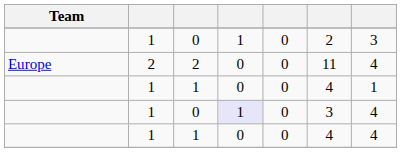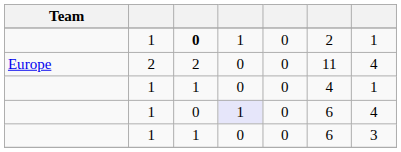 <table class="wikitable sortable" style="text-align:center;">
 <tr>
 <th width=125>Team</th>
 <th width=40></th>
 <th width=40></th>
 <th width=40></th>
 <th width=40></th>
 <th width=40></th>
 <th width=40></th>
 </tr>
 <tr>
 </tr>
 <tr>
 <td align=left></td>
 <td>1</td>
-<td>0</td>
+<td><strong>0</strong></td>
 <td>1</td>
 <td>0</td>
 <td>2</td>
-<td>3</td>
+<td>1</td>
 </tr>
 <tr>
 <td align=left><a href='#'>Europe</a></td>
 <td>2</td>
 <td>2</td>
 <td>0</td>
 <td>0</td>
 <td>11</td>
 <td>4</td>
 </tr>
 <tr>
 <td align=left></td>
 <td>1</td>
 <td>1</td>
 <td>0</td>
 <td>0</td>
 <td>4</td>
 <td>1</td>
 </tr>
 <tr>
 <td align=left></td>
 <td>1</td>
 <td>0</td>
 <td style="background: lavender;">1</td>
 <td>0</td>
-<td>3</td>
+<td>6</td>
 <td>4</td>
 </tr>
 <tr>
 <td align=left></td>
 <td>1</td>
 <td>1</td>
 <td>0</td>
 <td>0</td>
-<td>4</td>
-<td>4</td>
+<td>6</td>
+<td>3</td>
 </tr>
 <tr>
 </tr>
 </table>
